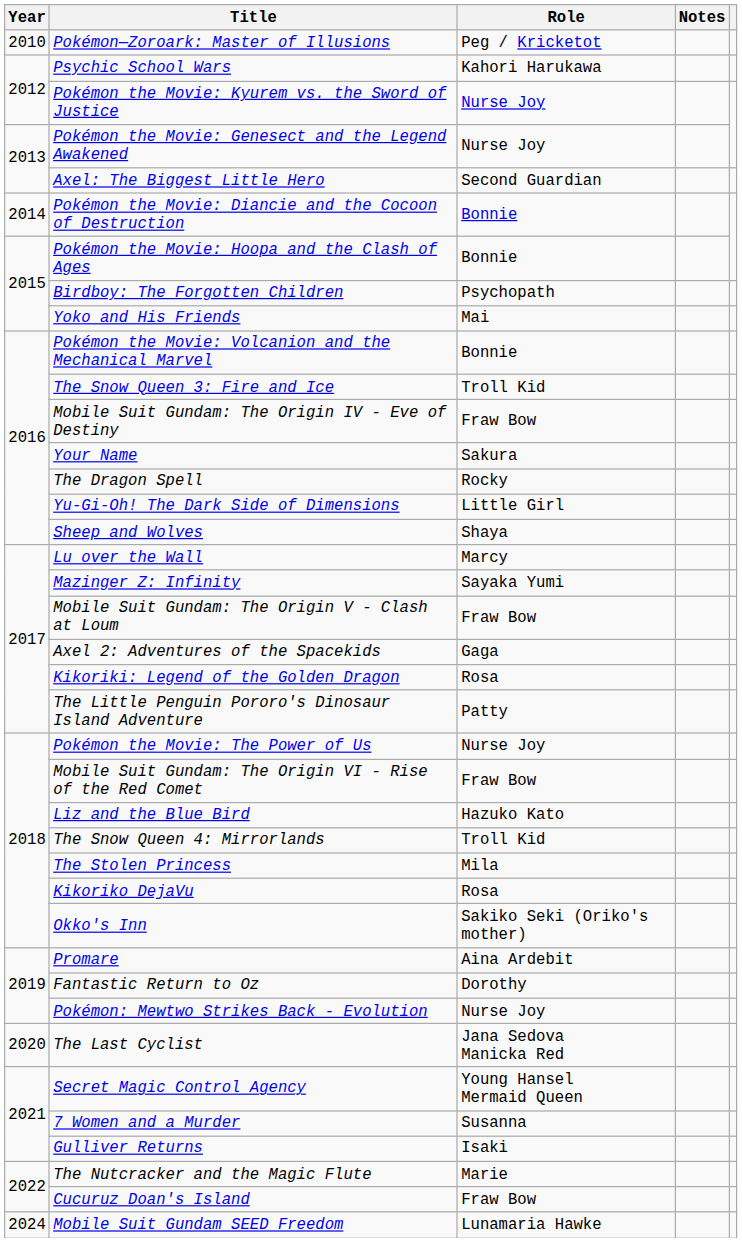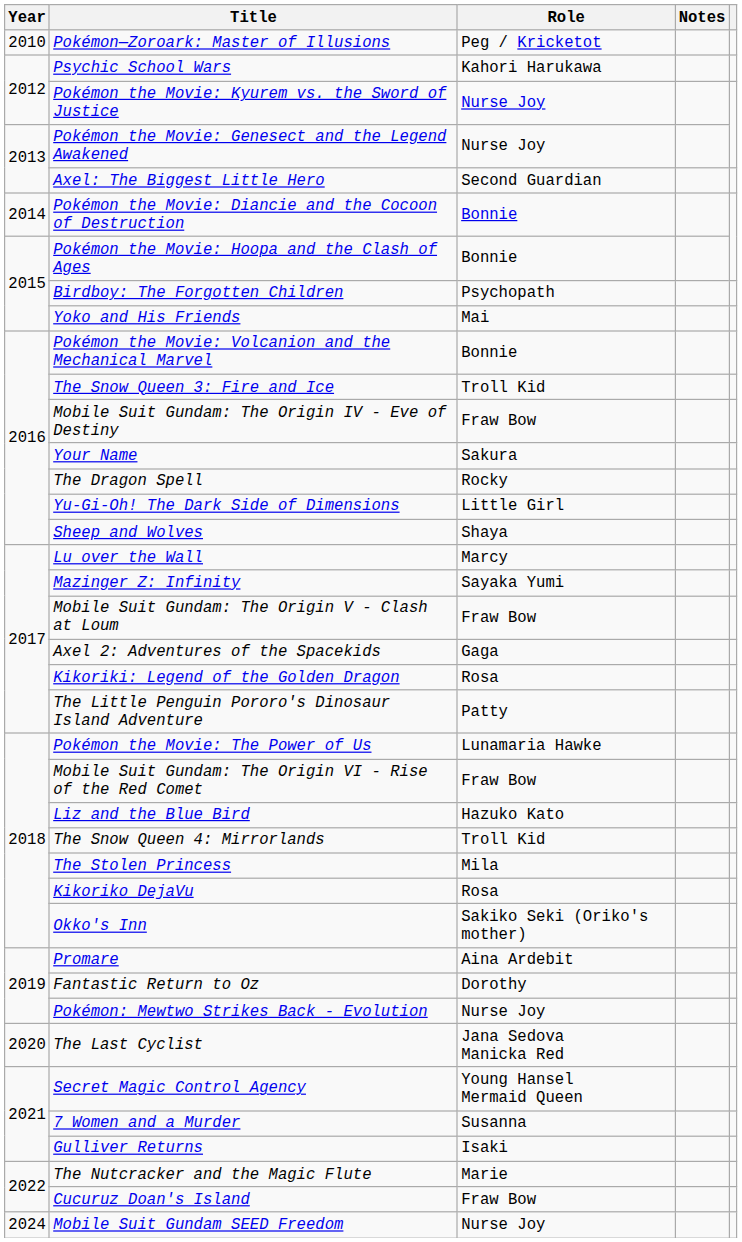 <table class="wikitable">
 <tr>
 <th>Year</th>
 <th>Title</th>
 <th>Role</th>
 <th>Notes</th>
 <th></th>
 </tr>
 <tr>
 <td>2010</td>
 <td><em><a href='#'>Pokémon—Zoroark: Master of Illusions</a></em></td>
 <td>Peg / <a href='#'>Kricketot</a></td>
 <td></td>
 <td></td>
 </tr>
 <tr>
 <td rowspan="2">2012</td>
 <td><em><a href='#'>Psychic School Wars</a></em></td>
 <td>Kahori Harukawa</td>
 <td></td>
 <td></td>
 </tr>
 <tr>
 <td><em><a href='#'>Pokémon the Movie: Kyurem vs. the Sword of Justice</a></em></td>
 <td><a href='#'>Nurse Joy</a></td>
 <td></td>
 <td rowspan="2"></td>
 </tr>
 <tr>
 <td rowspan="2">2013</td>
 <td><em><a href='#'>Pokémon the Movie: Genesect and the Legend Awakened</a></em></td>
 <td>Nurse Joy</td>
 <td></td>
 </tr>
 <tr>
 <td><em><a href='#'>Axel: The Biggest Little Hero</a></em></td>
 <td>Second Guardian</td>
 <td></td>
 <td></td>
 </tr>
 <tr>
 <td>2014</td>
 <td><em><a href='#'>Pokémon the Movie: Diancie and the Cocoon of Destruction</a></em></td>
 <td><a href='#'>Bonnie</a></td>
 <td></td>
 <td rowspan="2"></td>
 </tr>
 <tr>
 <td rowspan="3">2015</td>
 <td><em><a href='#'>Pokémon the Movie: Hoopa and the Clash of Ages</a></em></td>
 <td>Bonnie</td>
 <td></td>
 </tr>
 <tr>
 <td><em><a href='#'>Birdboy: The Forgotten Children</a></em></td>
 <td>Psychopath</td>
 <td></td>
 <td></td>
 </tr>
 <tr>
 <td><em><a href='#'>Yoko and His Friends</a></em></td>
 <td>Mai</td>
 <td></td>
 <td></td>
 </tr>
 <tr>
 <td rowspan="7">2016</td>
 <td><em><a href='#'>Pokémon the Movie: Volcanion and the Mechanical Marvel</a></em></td>
 <td>Bonnie</td>
 <td></td>
 <td></td>
 </tr>
 <tr>
 <td><em><a href='#'>The Snow Queen 3: Fire and Ice</a></em></td>
 <td>Troll Kid</td>
 <td></td>
 <td></td>
 </tr>
 <tr>
 <td><em>Mobile Suit Gundam: The Origin IV - Eve of Destiny</em></td>
 <td>Fraw Bow</td>
 <td></td>
 <td></td>
 </tr>
 <tr>
 <td><em><a href='#'>Your Name</a></em></td>
 <td>Sakura</td>
 <td></td>
 <td></td>
 </tr>
 <tr>
 <td><em>The Dragon Spell</em></td>
 <td>Rocky</td>
 <td></td>
 <td></td>
 </tr>
 <tr>
 <td><em><a href='#'>Yu-Gi-Oh! The Dark Side of Dimensions</a></em></td>
 <td>Little Girl</td>
 <td></td>
 <td></td>
 </tr>
 <tr>
 <td><em><a href='#'>Sheep and Wolves</a></em></td>
 <td>Shaya</td>
 <td></td>
 <td></td>
 </tr>
 <tr>
 <td rowspan="6">2017</td>
 <td><em><a href='#'>Lu over the Wall</a></em></td>
 <td>Marcy</td>
 <td></td>
 <td></td>
 </tr>
 <tr>
 <td><em><a href='#'>Mazinger Z: Infinity</a></em></td>
 <td>Sayaka Yumi</td>
 <td></td>
 <td></td>
 </tr>
 <tr>
 <td><em>Mobile Suit Gundam: The Origin V - Clash at Loum</em></td>
 <td>Fraw Bow</td>
 <td></td>
 <td></td>
 </tr>
 <tr>
 <td><em>Axel 2: Adventures of the Spacekids</em></td>
 <td>Gaga</td>
 <td></td>
 <td></td>
 </tr>
 <tr>
 <td><em><a href='#'>Kikoriki: Legend of the Golden Dragon</a></em></td>
 <td>Rosa</td>
 <td></td>
 <td></td>
 </tr>
 <tr>
 <td><em>The Little Penguin Pororo's Dinosaur Island Adventure</em></td>
 <td>Patty</td>
 <td></td>
 <td></td>
 </tr>
 <tr>
 <td rowspan="7">2018</td>
 <td><em><a href='#'>Pokémon the Movie: The Power of Us</a></em></td>
-<td>Nurse Joy</td>
+<td>Lunamaria Hawke</td>
 <td></td>
 <td></td>
 </tr>
 <tr>
 <td><em>Mobile Suit Gundam: The Origin VI - Rise of the Red Comet</em></td>
 <td>Fraw Bow</td>
 <td></td>
 <td></td>
 </tr>
 <tr>
 <td><em><a href='#'>Liz and the Blue Bird</a></em></td>
 <td>Hazuko Kato</td>
 <td></td>
 <td></td>
 </tr>
 <tr>
 <td><em>The Snow Queen 4: Mirrorlands</em></td>
 <td>Troll Kid</td>
 <td></td>
 <td></td>
 </tr>
 <tr>
 <td><em><a href='#'>The Stolen Princess</a></em></td>
 <td>Mila</td>
 <td></td>
 <td></td>
 </tr>
 <tr>
 <td><em><a href='#'>Kikoriko DejaVu</a></em></td>
 <td>Rosa</td>
 <td></td>
 <td></td>
 </tr>
 <tr>
 <td><em><a href='#'>Okko's Inn</a></em></td>
 <td>Sakiko Seki (Oriko's mother)</td>
 <td></td>
 <td></td>
 </tr>
 <tr>
 <td rowspan="3">2019</td>
 <td><em><a href='#'>Promare</a></em></td>
 <td>Aina Ardebit</td>
 <td></td>
 <td></td>
 </tr>
 <tr>
 <td><em>Fantastic Return to Oz</em></td>
 <td>Dorothy</td>
 <td></td>
 <td></td>
 </tr>
 <tr>
 <td><em><a href='#'>Pokémon: Mewtwo Strikes Back - Evolution</a></em></td>
 <td>Nurse Joy</td>
 <td></td>
 <td></td>
 </tr>
 <tr>
 <td>2020</td>
 <td><em>The Last Cyclist</em></td>
 <td>Jana Sedova<br>Manicka Red</td>
 <td></td>
 <td></td>
 </tr>
 <tr>
 <td rowspan="3">2021</td>
 <td><em><a href='#'>Secret Magic Control Agency</a></em></td>
 <td>Young Hansel<br>Mermaid Queen</td>
 <td></td>
 <td></td>
 </tr>
 <tr>
 <td><em><a href='#'>7 Women and a Murder</a></em></td>
 <td>Susanna</td>
 <td></td>
 <td></td>
 </tr>
 <tr>
 <td><em><a href='#'>Gulliver Returns</a></em></td>
 <td>Isaki</td>
 <td></td>
 <td></td>
 </tr>
 <tr>
 <td rowspan="2">2022</td>
 <td><em>The Nutcracker and the Magic Flute</em></td>
 <td>Marie</td>
 <td></td>
 <td></td>
 </tr>
 <tr>
 <td><em><a href='#'>Cucuruz Doan's Island</a></em></td>
 <td>Fraw Bow</td>
 <td></td>
 <td></td>
 </tr>
 <tr>
 <td>2024</td>
 <td><em><a href='#'>Mobile Suit Gundam SEED Freedom</a></em></td>
-<td>Lunamaria Hawke</td>
+<td>Nurse Joy</td>
 <td></td>
 <td></td>
 </tr>
 </table>
